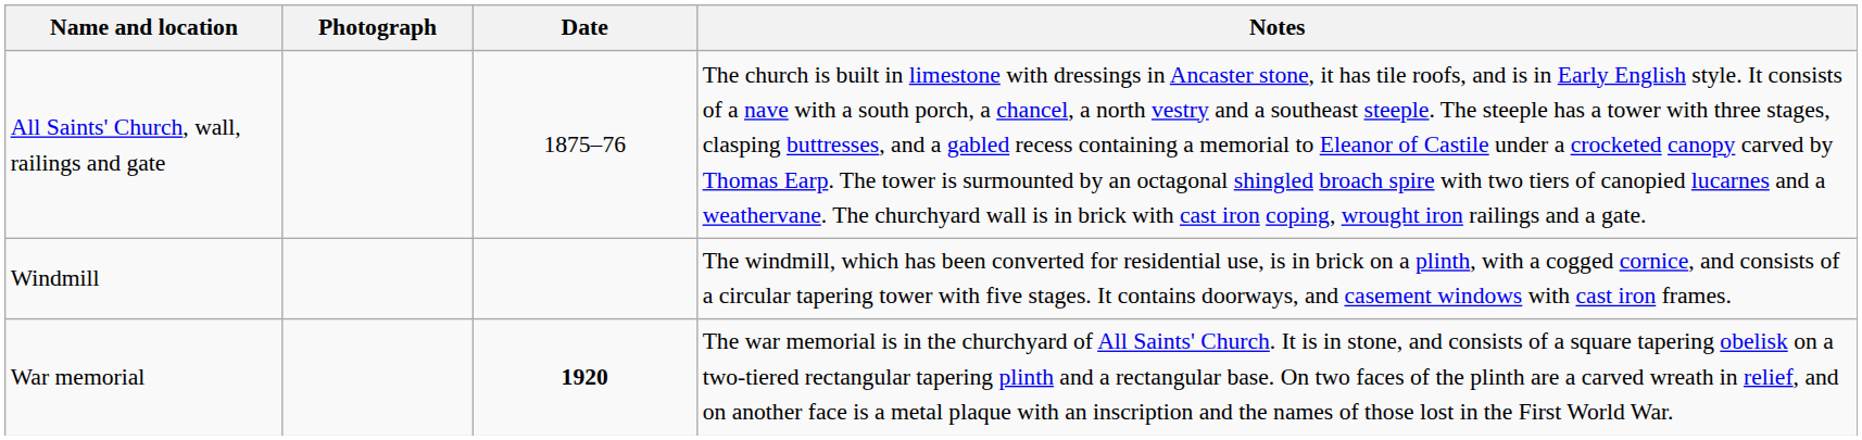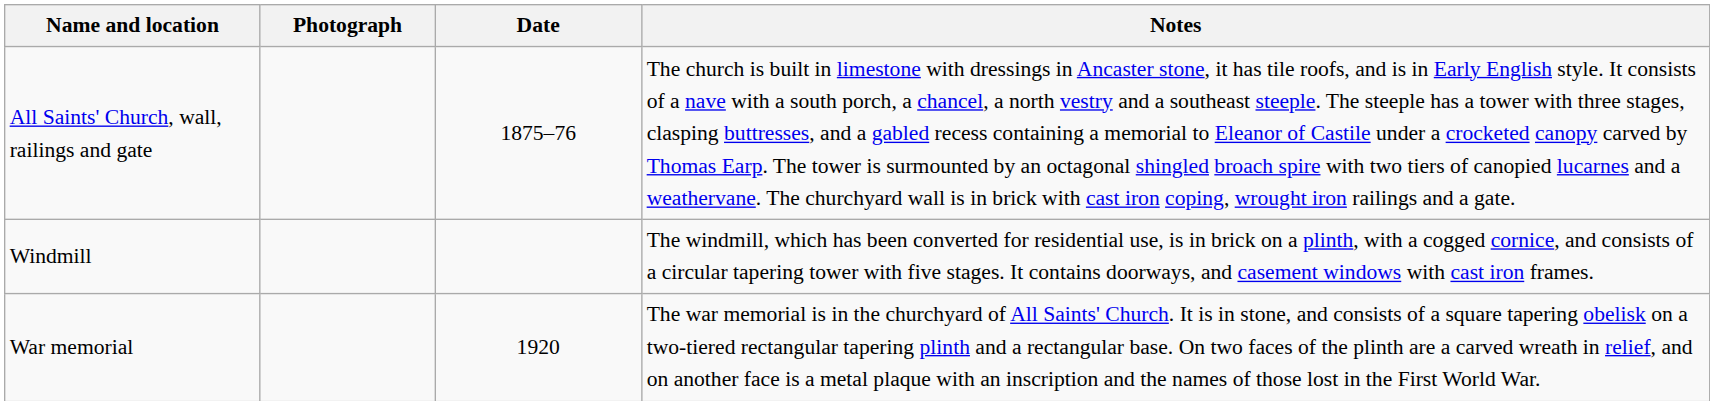 <table class="wikitable sortable plainrowheaders" style="width:100%; border:0px; text-align:left; line-height:150%">
 <tr>
 <th scope="col"  style="width:150px">Name and location</th>
 <th scope="col"  style="width:100px" class="unsortable">Photograph</th>
 <th scope="col"  style="width:120px">Date</th>
 <th scope="col"  style="width:650px" class="unsortable">Notes</th>
 </tr>
 <tr>
 <td><a href='#'>All Saints' Church</a>, wall, railings and gate<br><small></small></td>
 <td></td>
 <td align="center">1875–76</td>
 <td>The church is built in <a href='#'>limestone</a> with dressings in <a href='#'>Ancaster stone</a>, it has tile roofs, and is in <a href='#'>Early English</a> style.  It consists of a <a href='#'>nave</a> with a south porch, a <a href='#'>chancel</a>, a north <a href='#'>vestry</a> and a southeast <a href='#'>steeple</a>.  The steeple has a tower with three stages, clasping <a href='#'>buttresses</a>, and a <a href='#'>gabled</a> recess containing a memorial to <a href='#'>Eleanor of Castile</a> under a <a href='#'>crocketed</a> <a href='#'>canopy</a> carved by <a href='#'>Thomas Earp</a>.  The tower is surmounted by an octagonal <a href='#'>shingled</a> <a href='#'>broach spire</a> with two tiers of canopied <a href='#'>lucarnes</a> and a <a href='#'>weathervane</a>.  The churchyard wall is in brick with <a href='#'>cast iron</a> <a href='#'>coping</a>, <a href='#'>wrought iron</a> railings and a gate.</td>
 </tr>
 <tr>
 <td>Windmill<br><small></small></td>
 <td></td>
 <td align="center"></td>
 <td>The windmill, which has been converted for residential use, is in brick on a <a href='#'>plinth</a>, with a cogged <a href='#'>cornice</a>, and consists of a circular tapering tower with five stages.  It contains doorways, and <a href='#'>casement windows</a> with <a href='#'>cast iron</a> frames.</td>
 </tr>
 <tr>
 <td>War memorial<br><small></small></td>
 <td></td>
-<td align="center"><strong>1920</strong></td>
+<td align="center">1920</td>
 <td>The war memorial is in the churchyard of <a href='#'>All Saints' Church</a>.  It is in stone, and consists of a square tapering <a href='#'>obelisk</a> on a two-tiered rectangular tapering <a href='#'>plinth</a> and a rectangular base.  On two faces of the plinth are a carved wreath in <a href='#'>relief</a>, and on another face is a metal plaque with an inscription and the names of those lost in the First World War.</td>
 </tr>
 <tr>
 </tr>
 </table>
